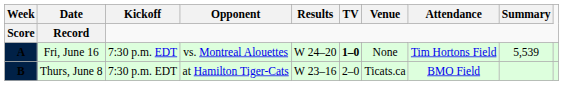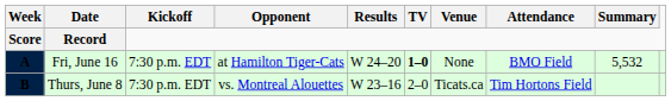 <table class="wikitable" style="font-size: 95%;">
 <tr>
 <th scope="col">Week</th>
 <th scope="col">Date</th>
 <th scope="col">Kickoff</th>
 <th scope="col">Opponent</th>
 <th scope="col">Results</th>
 <th scope="col">TV</th>
 <th scope="col">Venue</th>
 <th scope="col">Attendance</th>
 <th scope="col">Summary</th>
 </tr>
 <tr>
 <th scope="col">Score</th>
 <th scope="col">Record</th>
 </tr>
 <tr align="center" bgcolor="#ddffdd">
 <th style="text-align:center; background:#002147;"><span>A</span></th>
 <td align="center">Fri, June 16</td>
 <td align="center">7:30 p.m. <a href='#'>EDT</a></td>
-<td align="center">vs. <a href='#'>Montreal Alouettes</a></td>
+<td align="center">at <a href='#'>Hamilton Tiger-Cats</a></td>
 <td align="center">W 24–20</td>
 <td align="center"><strong>1–0</strong></td>
 <td align="center">None</td>
-<td align="center"><a href='#'>Tim Hortons Field</a></td>
-<td align="center">5,539</td>
+<td align="center"><a href='#'>BMO Field</a></td>
+<td align="center">5,532</td>
 <td align="center"></td>
 </tr>
 <tr align="center" bgcolor="ddffdd">
 <th style="text-align:center; background:#002147;"><span>B</span></th>
 <td align="center">Thurs, June 8</td>
 <td align="center">7:30 p.m. EDT</td>
-<td align="center">at <a href='#'>Hamilton Tiger-Cats</a></td>
+<td align="center">vs. <a href='#'>Montreal Alouettes</a></td>
 <td align="center">W 23–16</td>
 <td align="center">2–0</td>
 <td align="center">Ticats.ca</td>
-<td align="center"><a href='#'>BMO Field</a></td>
+<td align="center"><a href='#'>Tim Hortons Field</a></td>
 <td align="center"></td>
 <td align="center"></td>
 </tr>
 </table>
